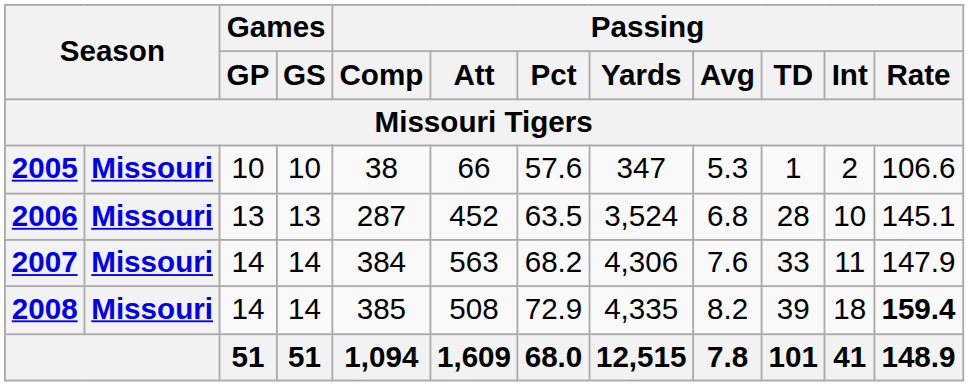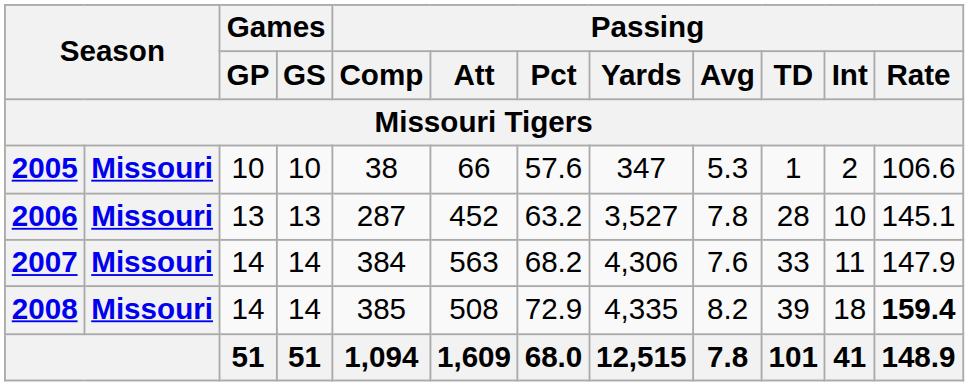 <table class="wikitable" style="text-align:center;">
 <tr>
 <th rowspan="2" colspan="2">Season</th>
 <th colspan="2">Games</th>
 <th colspan="8">Passing</th>
 </tr>
 <tr>
 <th>GP</th>
 <th>GS</th>
 <th>Comp</th>
 <th>Att</th>
 <th>Pct</th>
 <th>Yards</th>
 <th>Avg</th>
 <th>TD</th>
 <th>Int</th>
 <th>Rate</th>
 </tr>
 <tr>
 <th colspan="12">Missouri Tigers</th>
 </tr>
 <tr>
 <th><a href='#'>2005</a></th>
 <th><a href='#'>Missouri</a></th>
 <td>10</td>
 <td>10</td>
 <td>38</td>
 <td>66</td>
 <td>57.6</td>
 <td>347</td>
 <td>5.3</td>
 <td>1</td>
 <td>2</td>
 <td>106.6</td>
 </tr>
 <tr>
 <th><a href='#'>2006</a></th>
 <th><a href='#'>Missouri</a></th>
 <td>13</td>
 <td>13</td>
 <td>287</td>
 <td>452</td>
-<td>63.5</td>
-<td>3,524</td>
-<td>6.8</td>
+<td>63.2</td>
+<td>3,527</td>
+<td>7.8</td>
 <td>28</td>
 <td>10</td>
 <td>145.1</td>
 </tr>
 <tr>
 <th><a href='#'>2007</a></th>
 <th><a href='#'>Missouri</a></th>
 <td>14</td>
 <td>14</td>
 <td>384</td>
 <td>563</td>
 <td>68.2</td>
 <td>4,306</td>
 <td>7.6</td>
 <td>33</td>
 <td>11</td>
 <td>147.9</td>
 </tr>
 <tr>
 <th><a href='#'>2008</a></th>
 <th><a href='#'>Missouri</a></th>
 <td>14</td>
 <td>14</td>
 <td>385</td>
 <td>508</td>
 <td>72.9</td>
 <td>4,335</td>
 <td>8.2</td>
 <td>39</td>
 <td>18</td>
 <td><strong>159.4</strong></td>
 </tr>
 <tr>
 <th colspan="2"></th>
 <th>51</th>
 <th>51</th>
 <th>1,094</th>
 <th>1,609</th>
 <th>68.0</th>
 <th>12,515</th>
 <th>7.8</th>
 <th>101</th>
 <th>41</th>
 <th>148.9</th>
 </tr>
 </table>
